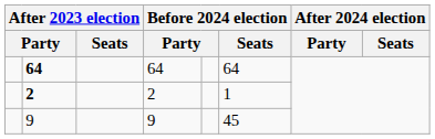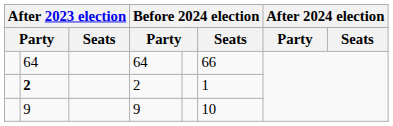 <table class="wikitable">
 <tr>
 <th colspan="3">After <a href='#'>2023 election</a></th>
 <th colspan="3">Before 2024 election</th>
 <th colspan="3">After 2024 election</th>
 </tr>
 <tr>
 <th colspan="2">Party</th>
 <th>Seats</th>
 <th colspan="2">Party</th>
 <th>Seats</th>
 <th colspan="2">Party</th>
 <th>Seats</th>
 </tr>
 <tr>
 <td></td>
-<td><strong>64</strong></td>
+<td>64</td>
 <td></td>
 <td>64</td>
 <td></td>
-<td>64</td>
+<td>66</td>
 </tr>
 <tr>
 <td></td>
 <td><strong>2</strong></td>
 <td></td>
 <td>2</td>
 <td></td>
 <td>1</td>
 </tr>
 <tr>
 <td></td>
 <td>9</td>
 <td></td>
 <td>9</td>
 <td></td>
-<td>45</td>
+<td>10</td>
 </tr>
 </table>
